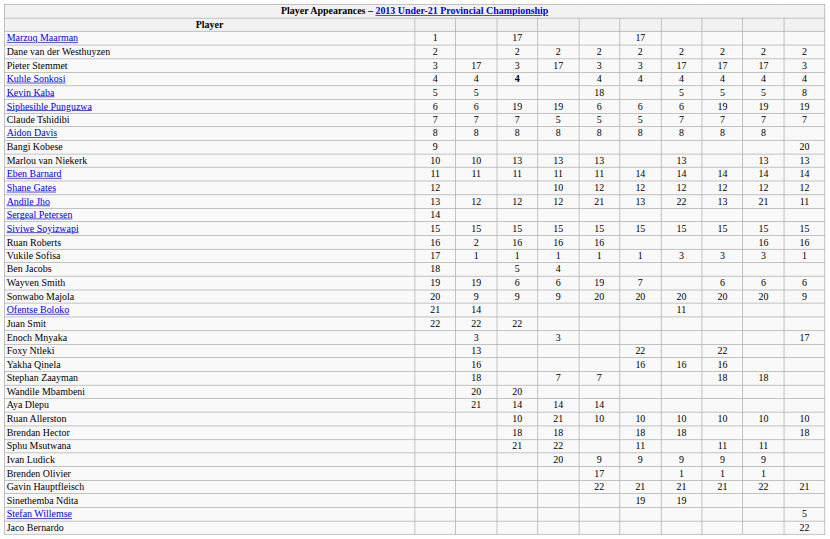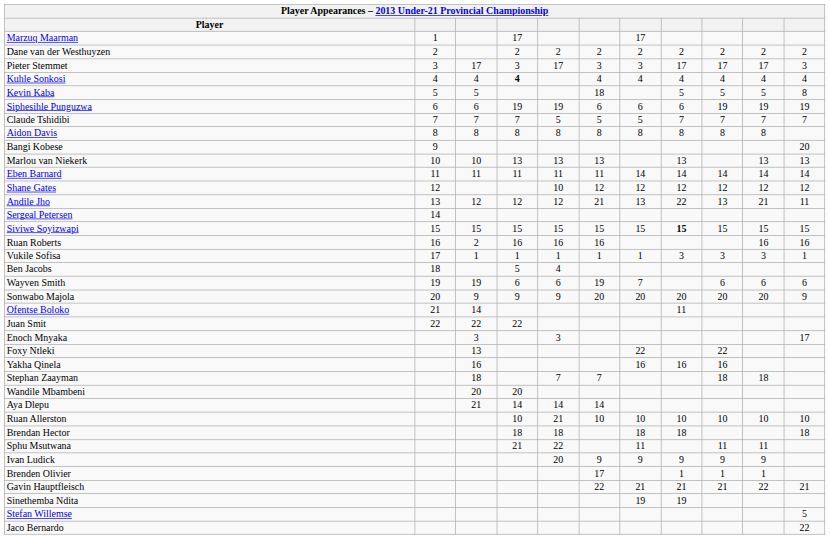 <table class="wikitable sortable"  style="text-align:center; line-height:90%; font-size:90%; width:60%;">
 <tr>
 <th colspan=11>Player Appearances – <a href='#'>2013 Under-21 Provincial Championship</a></th>
 </tr>
 <tr>
 <th style="width:50%;">Player</th>
 <th style="width:5%;"></th>
 <th style="width:5%;"></th>
 <th style="width:5%;"></th>
 <th style="width:5%;"></th>
 <th style="width:5%;"></th>
 <th style="width:5%;"></th>
 <th style="width:5%;"></th>
 <th style="width:5%;"></th>
 <th style="width:5%;"></th>
 <th style="width:5%;"></th>
 </tr>
 <tr>
 <td align=left><a href='#'>Marzuq Maarman</a></td>
 <td>1</td>
 <td></td>
 <td>17 </td>
 <td></td>
 <td></td>
 <td>17 </td>
 <td></td>
 <td></td>
 <td></td>
 <td></td>
 </tr>
 <tr>
 <td align=left>Dane van der Westhuyzen</td>
 <td>2</td>
 <td></td>
 <td>2</td>
 <td>2</td>
 <td>2</td>
 <td>2</td>
 <td>2</td>
 <td>2</td>
 <td>2</td>
 <td>2</td>
 </tr>
 <tr>
 <td align=left>Pieter Stemmet</td>
 <td>3</td>
 <td>17 </td>
 <td>3</td>
 <td>17 </td>
 <td>3</td>
 <td>3</td>
 <td>17</td>
 <td>17 </td>
 <td>17 </td>
 <td>3</td>
 </tr>
 <tr>
 <td align=left><a href='#'>Kuhle Sonkosi</a></td>
 <td>4</td>
 <td>4</td>
 <td><strong>4</strong></td>
 <td></td>
 <td>4</td>
 <td>4</td>
 <td>4</td>
 <td>4</td>
 <td>4</td>
 <td>4</td>
 </tr>
 <tr>
 <td align=left><a href='#'>Kevin Kaba</a></td>
 <td>5</td>
 <td>5</td>
 <td></td>
 <td></td>
 <td>18 </td>
 <td></td>
 <td>5</td>
 <td>5</td>
 <td>5</td>
 <td>8</td>
 </tr>
 <tr>
 <td align=left><a href='#'>Siphesihle Punguzwa</a></td>
 <td>6</td>
 <td>6</td>
 <td>19 </td>
 <td>19 </td>
 <td>6</td>
 <td>6</td>
 <td>6</td>
 <td>19 </td>
 <td>19 </td>
 <td>19 </td>
 </tr>
 <tr>
 <td align=left>Claude Tshidibi</td>
 <td>7</td>
 <td>7</td>
 <td>7</td>
 <td>5</td>
 <td>5</td>
 <td>5</td>
 <td>7</td>
 <td>7</td>
 <td>7</td>
 <td>7</td>
 </tr>
 <tr>
 <td align=left><a href='#'>Aidon Davis</a></td>
 <td>8</td>
 <td>8</td>
 <td>8</td>
 <td>8</td>
 <td>8</td>
 <td>8</td>
 <td>8</td>
 <td>8</td>
 <td>8</td>
 <td></td>
 </tr>
 <tr>
 <td align=left>Bangi Kobese</td>
 <td>9</td>
 <td></td>
 <td></td>
 <td></td>
 <td></td>
 <td></td>
 <td></td>
 <td></td>
 <td></td>
 <td>20</td>
 </tr>
 <tr>
 <td align=left>Marlou van Niekerk</td>
 <td>10</td>
 <td>10</td>
 <td>13</td>
 <td>13</td>
 <td>13</td>
 <td></td>
 <td>13</td>
 <td></td>
 <td>13</td>
 <td>13</td>
 </tr>
 <tr>
 <td align=left><a href='#'>Eben Barnard</a></td>
 <td>11</td>
 <td>11</td>
 <td>11</td>
 <td>11</td>
 <td>11</td>
 <td>14</td>
 <td>14</td>
 <td>14</td>
 <td>14</td>
 <td>14</td>
 </tr>
 <tr>
 <td align=left><a href='#'>Shane Gates</a></td>
 <td>12</td>
 <td></td>
 <td></td>
 <td>10</td>
 <td>12</td>
 <td>12</td>
 <td>12</td>
 <td>12</td>
 <td>12</td>
 <td>12</td>
 </tr>
 <tr>
 <td align=left><a href='#'>Andile Jho</a></td>
 <td>13</td>
 <td>12</td>
 <td>12</td>
 <td>12</td>
 <td>21</td>
 <td>13</td>
 <td>22 </td>
 <td>13</td>
 <td>21 </td>
 <td>11</td>
 </tr>
 <tr>
 <td align=left><a href='#'>Sergeal Petersen</a></td>
 <td>14</td>
 <td></td>
 <td></td>
 <td></td>
 <td></td>
 <td></td>
 <td></td>
 <td></td>
 <td></td>
 <td></td>
 </tr>
 <tr>
 <td align=left><a href='#'>Siviwe Soyizwapi</a></td>
 <td>15</td>
 <td>15</td>
 <td>15</td>
 <td>15</td>
 <td>15</td>
 <td>15</td>
-<td>15</td>
+<td><strong>15</strong></td>
 <td>15</td>
 <td>15</td>
 <td>15</td>
 </tr>
 <tr>
 <td align=left>Ruan Roberts</td>
 <td>16 </td>
 <td>2</td>
 <td>16 </td>
 <td>16 </td>
 <td>16 </td>
 <td></td>
 <td></td>
 <td></td>
 <td>16 </td>
 <td>16 </td>
 </tr>
 <tr>
 <td align=left>Vukile Sofisa</td>
 <td>17</td>
 <td>1</td>
 <td>1</td>
 <td>1</td>
 <td>1</td>
 <td>1</td>
 <td>3</td>
 <td>3</td>
 <td>3</td>
 <td>1</td>
 </tr>
 <tr>
 <td align=left>Ben Jacobs</td>
 <td>18 </td>
 <td></td>
 <td>5</td>
 <td>4</td>
 <td></td>
 <td></td>
 <td></td>
 <td></td>
 <td></td>
 <td></td>
 </tr>
 <tr>
 <td align=left>Wayven Smith</td>
 <td>19 </td>
 <td>19 </td>
 <td>6</td>
 <td>6</td>
 <td>19 </td>
 <td>7</td>
 <td></td>
 <td>6</td>
 <td>6</td>
 <td>6</td>
 </tr>
 <tr>
 <td align=left>Sonwabo Majola</td>
 <td>20 </td>
 <td>9</td>
 <td>9</td>
 <td>9</td>
 <td>20 </td>
 <td>20 </td>
 <td>20 </td>
 <td>20 </td>
 <td>20 </td>
 <td>9</td>
 </tr>
 <tr>
 <td align=left><a href='#'>Ofentse Boloko</a></td>
 <td>21 </td>
 <td>14</td>
 <td></td>
 <td></td>
 <td></td>
 <td></td>
 <td>11</td>
 <td></td>
 <td></td>
 <td></td>
 </tr>
 <tr>
 <td align=left>Juan Smit</td>
 <td>22 </td>
 <td>22 </td>
 <td>22 </td>
 <td></td>
 <td></td>
 <td></td>
 <td></td>
 <td></td>
 <td></td>
 <td></td>
 </tr>
 <tr>
 <td align=left>Enoch Mnyaka</td>
 <td></td>
 <td>3</td>
 <td></td>
 <td>3</td>
 <td></td>
 <td></td>
 <td></td>
 <td></td>
 <td></td>
 <td>17 </td>
 </tr>
 <tr>
 <td align=left>Foxy Ntleki</td>
 <td></td>
 <td>13</td>
 <td></td>
 <td></td>
 <td></td>
 <td>22 </td>
 <td></td>
 <td>22 </td>
 <td></td>
 <td></td>
 </tr>
 <tr>
 <td align=left>Yakha Qinela</td>
 <td></td>
 <td>16 </td>
 <td></td>
 <td></td>
 <td></td>
 <td>16 </td>
 <td>16</td>
 <td>16 </td>
 <td></td>
 <td></td>
 </tr>
 <tr>
 <td align=left>Stephan Zaayman</td>
 <td></td>
 <td>18 </td>
 <td></td>
 <td>7</td>
 <td>7</td>
 <td></td>
 <td></td>
 <td>18 </td>
 <td>18 </td>
 <td></td>
 </tr>
 <tr>
 <td align=left>Wandile Mbambeni</td>
 <td></td>
 <td>20 </td>
 <td>20 </td>
 <td></td>
 <td></td>
 <td></td>
 <td></td>
 <td></td>
 <td></td>
 <td></td>
 </tr>
 <tr>
 <td align=left>Aya Dlepu</td>
 <td></td>
 <td>21 </td>
 <td>14</td>
 <td>14</td>
 <td>14</td>
 <td></td>
 <td></td>
 <td></td>
 <td></td>
 <td></td>
 </tr>
 <tr>
 <td align=left>Ruan Allerston</td>
 <td></td>
 <td></td>
 <td>10</td>
 <td>21 </td>
 <td>10</td>
 <td>10</td>
 <td>10</td>
 <td>10</td>
 <td>10</td>
 <td>10</td>
 </tr>
 <tr>
 <td align=left>Brendan Hector</td>
 <td></td>
 <td></td>
 <td>18 </td>
 <td>18 </td>
 <td></td>
 <td>18 </td>
 <td>18 </td>
 <td></td>
 <td></td>
 <td>18</td>
 </tr>
 <tr>
 <td align=left>Sphu Msutwana</td>
 <td></td>
 <td></td>
 <td>21 </td>
 <td>22 </td>
 <td></td>
 <td>11</td>
 <td></td>
 <td>11</td>
 <td>11</td>
 <td></td>
 </tr>
 <tr>
 <td align=left>Ivan Ludick</td>
 <td></td>
 <td></td>
 <td></td>
 <td>20 </td>
 <td>9</td>
 <td>9</td>
 <td>9</td>
 <td>9</td>
 <td>9</td>
 <td></td>
 </tr>
 <tr>
 <td align=left>Brenden Olivier</td>
 <td></td>
 <td></td>
 <td></td>
 <td></td>
 <td>17 </td>
 <td></td>
 <td>1</td>
 <td>1</td>
 <td>1</td>
 <td></td>
 </tr>
 <tr>
 <td align=left>Gavin Hauptfleisch</td>
 <td></td>
 <td></td>
 <td></td>
 <td></td>
 <td>22 </td>
 <td>21 </td>
 <td>21 </td>
 <td>21 </td>
 <td>22 </td>
 <td>21 </td>
 </tr>
 <tr>
 <td align=left>Sinethemba Ndita</td>
 <td></td>
 <td></td>
 <td></td>
 <td></td>
 <td></td>
 <td>19 </td>
 <td>19 </td>
 <td></td>
 <td></td>
 <td></td>
 </tr>
 <tr>
 <td align=left><a href='#'>Stefan Willemse</a></td>
 <td></td>
 <td></td>
 <td></td>
 <td></td>
 <td></td>
 <td></td>
 <td></td>
 <td></td>
 <td></td>
 <td>5</td>
 </tr>
 <tr>
 <td align=left>Jaco Bernardo</td>
 <td></td>
 <td></td>
 <td></td>
 <td></td>
 <td></td>
 <td></td>
 <td></td>
 <td></td>
 <td></td>
 <td>22</td>
 </tr>
 </table>
